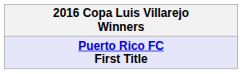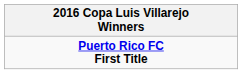 <table class="wikitable" style="text-align: center; margin: 0 auto; width: 20%">
 <tr>
 <th>2016 Copa Luis Villarejo<br>Winners</th>
 </tr>
 <tr>
-<td style="background: lavender;"><strong><a href='#'>Puerto Rico FC</a></strong><br><strong>First Title</strong></td>
+<td><strong><a href='#'>Puerto Rico FC</a></strong><br><strong>First Title</strong></td>
 </tr>
 </table>
